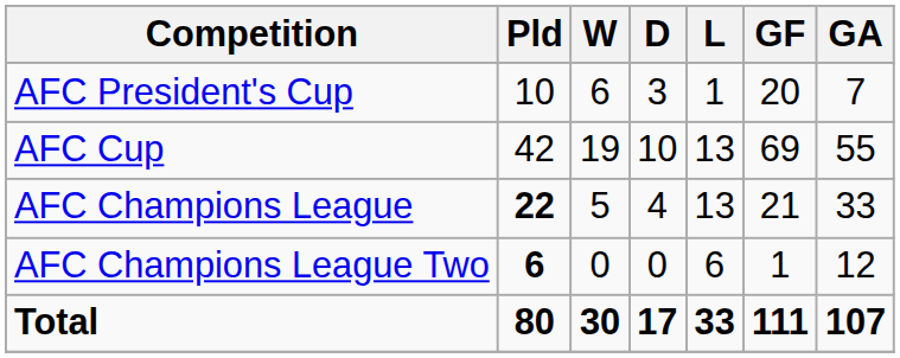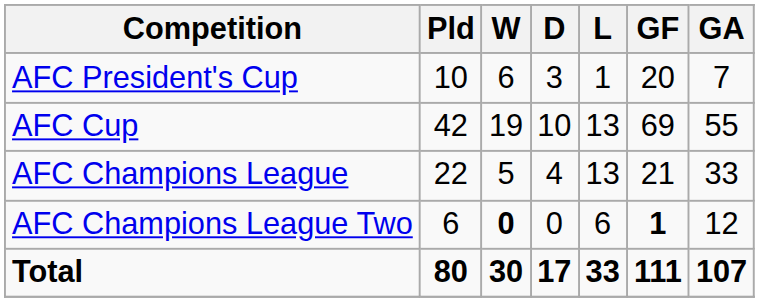 <table class="wikitable">
 <tr>
 <th>Competition</th>
 <th>Pld</th>
 <th>W</th>
 <th>D</th>
 <th>L</th>
 <th>GF</th>
 <th>GA</th>
 </tr>
 <tr>
 <td><a href='#'>AFC President's Cup</a></td>
 <td style="text-align:center;">10</td>
 <td style="text-align:center;">6</td>
 <td style="text-align:center;">3</td>
 <td style="text-align:center;">1</td>
 <td style="text-align:center;">20</td>
 <td style="text-align:center;">7</td>
 </tr>
 <tr>
 <td><a href='#'>AFC Cup</a></td>
 <td style="text-align:center;">42</td>
 <td style="text-align:center;">19</td>
 <td style="text-align:center;">10</td>
 <td style="text-align:center;">13</td>
 <td style="text-align:center;">69</td>
 <td style="text-align:center;">55</td>
 </tr>
 <tr>
 <td><a href='#'>AFC Champions League</a></td>
-<td style="text-align:center;"><strong>22</strong></td>
+<td style="text-align:center;">22</td>
 <td style="text-align:center;">5</td>
 <td style="text-align:center;">4</td>
 <td style="text-align:center;">13</td>
 <td style="text-align:center;">21</td>
 <td style="text-align:center;">33</td>
 </tr>
 <tr>
 <td><a href='#'>AFC Champions League Two</a></td>
-<td style="text-align:center;"><strong>6</strong></td>
-<td style="text-align:center;">0</td>
+<td style="text-align:center;">6</td>
+<td style="text-align:center;"><strong>0</strong></td>
 <td style="text-align:center;">0</td>
 <td style="text-align:center;">6</td>
-<td style="text-align:center;">1</td>
+<td style="text-align:center;"><strong>1</strong></td>
 <td style="text-align:center;">12</td>
 </tr>
 <tr>
 <td><strong>Total</strong></td>
 <td style="text-align:center;"><strong>80</strong></td>
 <td style="text-align:center;"><strong>30</strong></td>
 <td style="text-align:center;"><strong>17</strong></td>
 <td style="text-align:center;"><strong>33</strong></td>
 <td style="text-align:center;"><strong>111</strong></td>
 <td style="text-align:center;"><strong>107</strong></td>
 </tr>
 <tr>
 </tr>
 </table>
